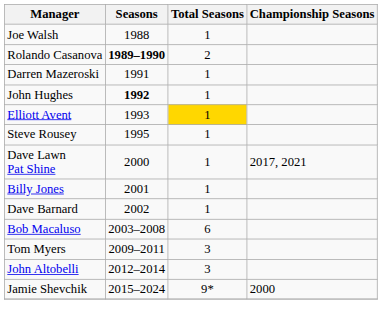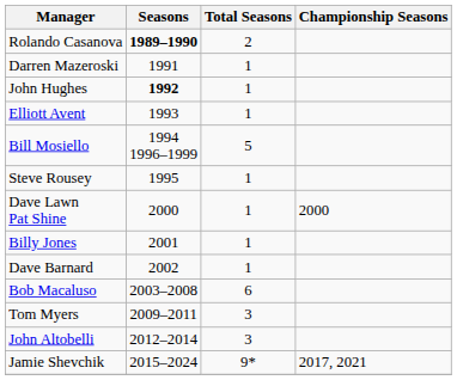 <table class="wikitable" style="text-align:center">
 <tr>
 <th>Manager</th>
 <th>Seasons</th>
 <th>Total Seasons</th>
 <th>Championship Seasons</th>
-</tr>
-<tr>
-<td style="text-align:left">Joe Walsh</td>
-<td>1988</td>
-<td>1</td>
-<td style="text-align:left"></td>
 </tr>
 <tr>
 <td style="text-align:left">Rolando Casanova</td>
 <td><strong>1989–1990</strong></td>
 <td>2</td>
 <td style="text-align:left"></td>
 </tr>
 <tr>
 <td style="text-align:left">Darren Mazeroski</td>
 <td>1991</td>
 <td>1</td>
 <td style="text-align:left"></td>
 </tr>
 <tr>
 <td style="text-align:left">John Hughes</td>
 <td><strong>1992</strong></td>
 <td>1</td>
 <td style="text-align:left"></td>
 </tr>
 <tr>
 <td style="text-align:left"><a href='#'>Elliott Avent</a></td>
 <td>1993</td>
-<td style="background: gold;">1</td>
+<td>1</td>
+<td style="text-align:left"></td>
+</tr>
+<tr>
+<td style="text-align:left"><a href='#'>Bill Mosiello</a></td>
+<td>1994<br>1996–1999</td>
+<td>5</td>
 <td style="text-align:left"></td>
 </tr>
 <tr>
 <td style="text-align:left">Steve Rousey</td>
 <td>1995</td>
 <td>1</td>
 <td style="text-align:left"></td>
 </tr>
 <tr>
 <td style="text-align:left">Dave Lawn<br><a href='#'>Pat Shine</a></td>
 <td>2000</td>
 <td>1</td>
-<td style="text-align:left">2017, 2021</td>
+<td style="text-align:left">2000</td>
 </tr>
 <tr>
 <td style="text-align:left"><a href='#'>Billy Jones</a></td>
 <td>2001</td>
 <td>1</td>
 <td style="text-align:left"></td>
 </tr>
 <tr>
 <td style="text-align:left">Dave Barnard</td>
 <td>2002</td>
 <td>1</td>
 <td style="text-align:left"></td>
 </tr>
 <tr>
 <td style="text-align:left"><a href='#'>Bob Macaluso</a></td>
 <td>2003–2008</td>
 <td>6</td>
 <td style="text-align:left"></td>
 </tr>
 <tr>
 <td style="text-align:left">Tom Myers</td>
 <td>2009–2011</td>
 <td>3</td>
 <td style="text-align:left"></td>
 </tr>
 <tr>
 <td style="text-align:left"><a href='#'>John Altobelli</a></td>
 <td>2012–2014</td>
 <td>3</td>
 <td style="text-align:left"></td>
 </tr>
 <tr>
 <td style="text-align:left">Jamie Shevchik</td>
 <td>2015–2024</td>
 <td>9*</td>
-<td style="text-align:left">2000</td>
+<td style="text-align:left">2017, 2021</td>
 </tr>
 <tr>
 </tr>
 </table>
